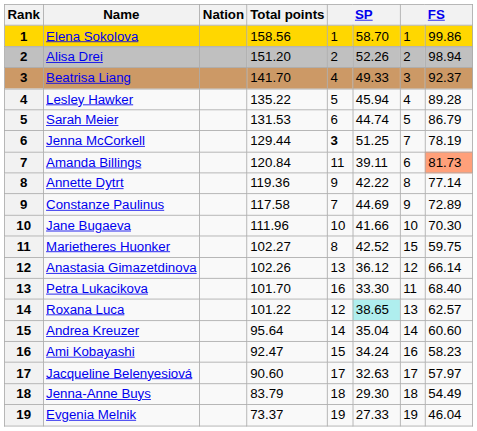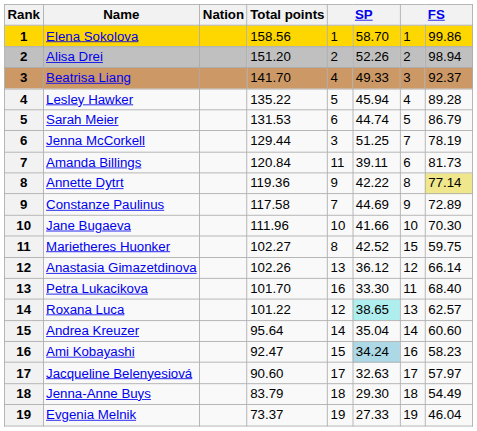 <table class="wikitable">
 <tr>
 <th>Rank</th>
 <th>Name</th>
 <th>Nation</th>
 <th>Total points</th>
 <th colspan="2" width="80px"><a href='#'>SP</a></th>
 <th colspan="2" width="80px"><a href='#'>FS</a></th>
 </tr>
 <tr bgcolor="gold">
 <td align="center"><strong>1</strong></td>
 <td><a href='#'>Elena Sokolova</a></td>
 <td></td>
 <td>158.56</td>
 <td>1</td>
 <td>58.70</td>
 <td>1</td>
 <td>99.86</td>
 </tr>
 <tr bgcolor="silver">
 <td align="center"><strong>2</strong></td>
 <td><a href='#'>Alisa Drei</a></td>
 <td></td>
 <td>151.20</td>
 <td>2</td>
 <td>52.26</td>
 <td>2</td>
 <td>98.94</td>
 </tr>
 <tr bgcolor="cc9966">
 <td align="center"><strong>3</strong></td>
 <td><a href='#'>Beatrisa Liang</a></td>
 <td></td>
 <td>141.70</td>
 <td>4</td>
 <td>49.33</td>
 <td>3</td>
 <td>92.37</td>
 </tr>
 <tr>
 <th>4</th>
 <td><a href='#'>Lesley Hawker</a></td>
 <td></td>
 <td>135.22</td>
 <td>5</td>
 <td>45.94</td>
 <td>4</td>
 <td>89.28</td>
 </tr>
 <tr>
 <th>5</th>
 <td><a href='#'>Sarah Meier</a></td>
 <td></td>
 <td>131.53</td>
 <td>6</td>
 <td>44.74</td>
 <td>5</td>
 <td>86.79</td>
 </tr>
 <tr>
 <th>6</th>
 <td><a href='#'>Jenna McCorkell</a></td>
 <td></td>
 <td>129.44</td>
-<td><strong>3</strong></td>
+<td>3</td>
 <td>51.25</td>
 <td>7</td>
 <td>78.19</td>
 </tr>
 <tr>
 <th>7</th>
 <td><a href='#'>Amanda Billings</a></td>
 <td></td>
 <td>120.84</td>
 <td>11</td>
 <td>39.11</td>
 <td>6</td>
-<td style="background: lightsalmon;">81.73</td>
+<td>81.73</td>
 </tr>
 <tr>
 <th>8</th>
 <td><a href='#'>Annette Dytrt</a></td>
 <td></td>
 <td>119.36</td>
 <td>9</td>
 <td>42.22</td>
 <td>8</td>
-<td>77.14</td>
+<td style="background: khaki;">77.14</td>
 </tr>
 <tr>
 <th>9</th>
 <td><a href='#'>Constanze Paulinus</a></td>
 <td></td>
 <td>117.58</td>
 <td>7</td>
 <td>44.69</td>
 <td>9</td>
 <td>72.89</td>
 </tr>
 <tr>
 <th>10</th>
 <td><a href='#'>Jane Bugaeva</a></td>
 <td></td>
 <td>111.96</td>
 <td>10</td>
 <td>41.66</td>
 <td>10</td>
 <td>70.30</td>
 </tr>
 <tr>
 <th>11</th>
 <td><a href='#'>Marietheres Huonker</a></td>
 <td></td>
 <td>102.27</td>
 <td>8</td>
 <td>42.52</td>
 <td>15</td>
 <td>59.75</td>
 </tr>
 <tr>
 <th>12</th>
 <td><a href='#'>Anastasia Gimazetdinova</a></td>
 <td></td>
 <td>102.26</td>
 <td>13</td>
 <td>36.12</td>
 <td>12</td>
 <td>66.14</td>
 </tr>
 <tr>
 <th>13</th>
 <td><a href='#'>Petra Lukacikova</a></td>
 <td></td>
 <td>101.70</td>
 <td>16</td>
 <td>33.30</td>
 <td>11</td>
 <td>68.40</td>
 </tr>
 <tr>
 <th>14</th>
 <td><a href='#'>Roxana Luca</a></td>
 <td></td>
 <td>101.22</td>
 <td>12</td>
 <td style="background: paleturquoise;">38.65</td>
 <td>13</td>
 <td>62.57</td>
 </tr>
 <tr>
 <th>15</th>
 <td><a href='#'>Andrea Kreuzer</a></td>
 <td></td>
 <td>95.64</td>
 <td>14</td>
 <td>35.04</td>
 <td>14</td>
 <td>60.60</td>
 </tr>
 <tr>
 <th>16</th>
 <td><a href='#'>Ami Kobayashi</a></td>
 <td></td>
 <td>92.47</td>
 <td>15</td>
-<td>34.24</td>
+<td style="background: lightblue;">34.24</td>
 <td>16</td>
 <td>58.23</td>
 </tr>
 <tr>
 <th>17</th>
 <td><a href='#'>Jacqueline Belenyesiová</a></td>
 <td></td>
 <td>90.60</td>
 <td>17</td>
 <td>32.63</td>
 <td>17</td>
 <td>57.97</td>
 </tr>
 <tr>
 <th>18</th>
 <td><a href='#'>Jenna-Anne Buys</a></td>
 <td></td>
 <td>83.79</td>
 <td>18</td>
 <td>29.30</td>
 <td>18</td>
 <td>54.49</td>
 </tr>
 <tr>
 <th>19</th>
 <td><a href='#'>Evgenia Melnik</a></td>
 <td></td>
 <td>73.37</td>
 <td>19</td>
 <td>27.33</td>
 <td>19</td>
 <td>46.04</td>
 </tr>
 </table>
